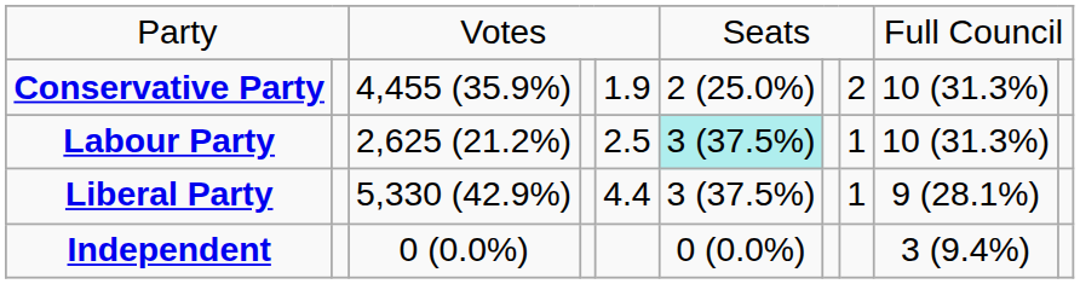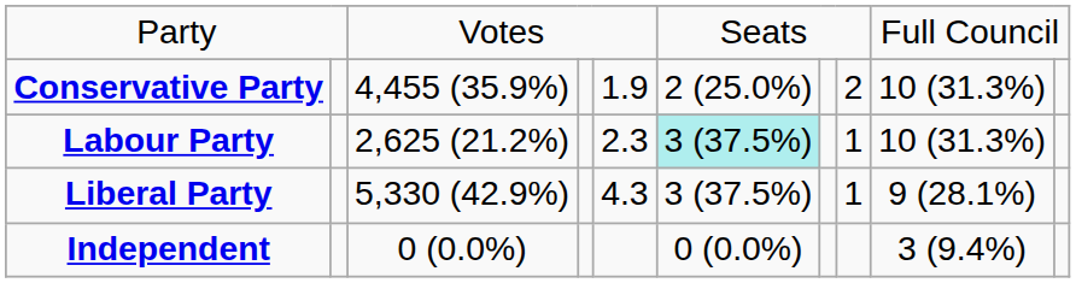 <table class=wikitable style="text-align:center;">
 <tr>
 <td colspan=2>Party</td>
 <td colspan=3>Votes</td>
 <td colspan=3>Seats</td>
 <td colspan=3>Full Council</td>
 </tr>
 <tr>
 <td><strong><a href='#'>Conservative Party</a></strong></td>
 <td style="background:"></td>
 <td>4,455 (35.9%)</td>
 <td></td>
 <td> 1.9</td>
 <td>2 (25.0%)</td>
 <td></td>
 <td> 2</td>
 <td>10 (31.3%)</td>
 <td></td>
 </tr>
 <tr>
 <td><strong><a href='#'>Labour Party</a></strong></td>
 <td style="background:"></td>
 <td>2,625 (21.2%)</td>
 <td></td>
-<td> 2.5</td>
+<td> 2.3</td>
 <td style="background: paleturquoise;">3 (37.5%)</td>
 <td></td>
 <td> 1</td>
 <td>10 (31.3%)</td>
 <td></td>
 </tr>
 <tr>
 <td><strong><a href='#'>Liberal Party</a></strong></td>
 <td style="background:"></td>
 <td>5,330 (42.9%)</td>
 <td></td>
-<td> 4.4</td>
+<td> 4.3</td>
 <td>3  (37.5%)</td>
 <td></td>
 <td> 1</td>
 <td>9 (28.1%)</td>
 <td></td>
 </tr>
 <tr>
 <td><strong><a href='#'>Independent</a></strong></td>
 <td style="background:"></td>
 <td>0 (0.0%)</td>
 <td></td>
 <td></td>
 <td>0 (0.0%)</td>
 <td></td>
 <td></td>
 <td>3 (9.4%)</td>
 <td></td>
 </tr>
 </table>
